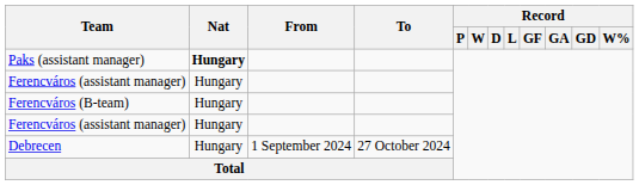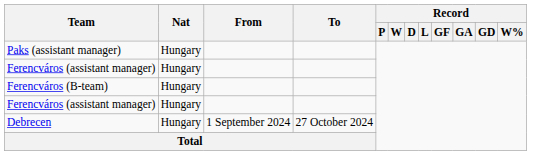 <table class="wikitable" style="text-align: center">
 <tr>
 <th rowspan="2">Team</th>
 <th rowspan="2">Nat</th>
 <th rowspan="2">From</th>
 <th rowspan="2">To</th>
 <th colspan="8">Record</th>
 </tr>
 <tr>
 <th>P</th>
 <th>W</th>
 <th>D</th>
 <th>L</th>
 <th>GF</th>
 <th>GA</th>
 <th>GD</th>
 <th>W%</th>
 </tr>
 <tr>
 <td align=left><a href='#'>Paks</a> (assistant manager)</td>
-<td><strong>Hungary</strong></td>
+<td>Hungary</td>
 <td align=left></td>
 <td align=left><br></td>
 </tr>
 <tr>
 <td align=left><a href='#'>Ferencváros</a> (assistant manager)</td>
 <td>Hungary</td>
 <td align=left></td>
 <td align=left><br></td>
 </tr>
 <tr>
 <td align=left><a href='#'>Ferencváros</a> (B-team)</td>
 <td>Hungary</td>
 <td align=left></td>
 <td align=left><br></td>
 </tr>
 <tr>
 <td align=left><a href='#'>Ferencváros</a> (assistant manager)</td>
 <td>Hungary</td>
 <td align=left></td>
 <td align=left><br></td>
 </tr>
 <tr>
 <td align=left><a href='#'>Debrecen</a></td>
 <td>Hungary</td>
 <td align=left>1 September 2024</td>
 <td align=left>27 October 2024<br></td>
 </tr>
 <tr>
 <th colspan="4">Total<br></th>
 </tr>
 </table>
